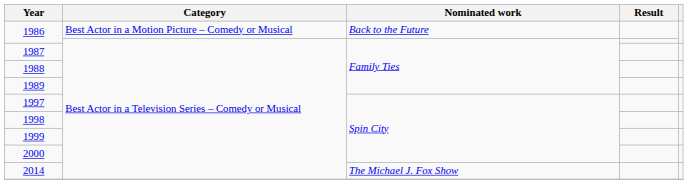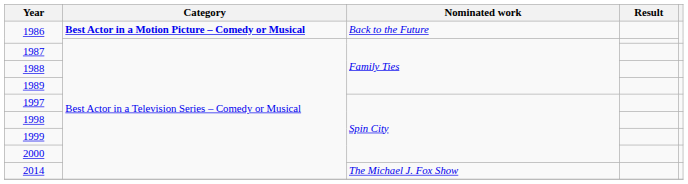 <table class=wikitable>
 <tr>
 <th scope="col" style="width:5em;">Year</th>
 <th scope="col" style="width:26em;">Category</th>
 <th scope="col" style="width:25em;">Nominated work</th>
 <th scope="col" style="width:5em;">Result</th>
 <th></th>
 </tr>
 <tr>
 <td rowspan=2, style="text-align:center;"><a href='#'>1986</a></td>
-<td><a href='#'>Best Actor in a Motion Picture – Comedy or Musical</a></td>
+<td><strong><a href='#'>Best Actor in a Motion Picture – Comedy or Musical</a></strong></td>
 <td><em><a href='#'>Back to the Future</a></em></td>
 <td></td>
 <td rowspan=2></td>
 </tr>
 <tr>
 <td rowspan=9><a href='#'>Best Actor in a Television Series – Comedy or Musical</a></td>
 <td rowspan=4><em><a href='#'>Family Ties</a></em></td>
 <td></td>
 </tr>
 <tr>
 <td style="text-align:center;"><a href='#'>1987</a></td>
 <td></td>
 <td></td>
 </tr>
 <tr>
 <td style="text-align:center;"><a href='#'>1988</a></td>
 <td></td>
 <td></td>
 </tr>
 <tr>
 <td style="text-align:center;"><a href='#'>1989</a></td>
 <td></td>
 <td></td>
 </tr>
 <tr>
 <td style="text-align:center;"><a href='#'>1997</a></td>
 <td rowspan=4><em><a href='#'>Spin City</a></em></td>
 <td></td>
 <td></td>
 </tr>
 <tr>
 <td style="text-align:center;"><a href='#'>1998</a></td>
 <td></td>
 <td></td>
 </tr>
 <tr>
 <td style="text-align:center;"><a href='#'>1999</a></td>
 <td></td>
 <td></td>
 </tr>
 <tr>
 <td style="text-align:center;"><a href='#'>2000</a></td>
 <td></td>
 <td></td>
 </tr>
 <tr>
 <td style="text-align:center;"><a href='#'>2014</a></td>
 <td><em><a href='#'>The Michael J. Fox Show</a></em></td>
 <td></td>
 <td></td>
 </tr>
 <tr>
 </tr>
 </table>
